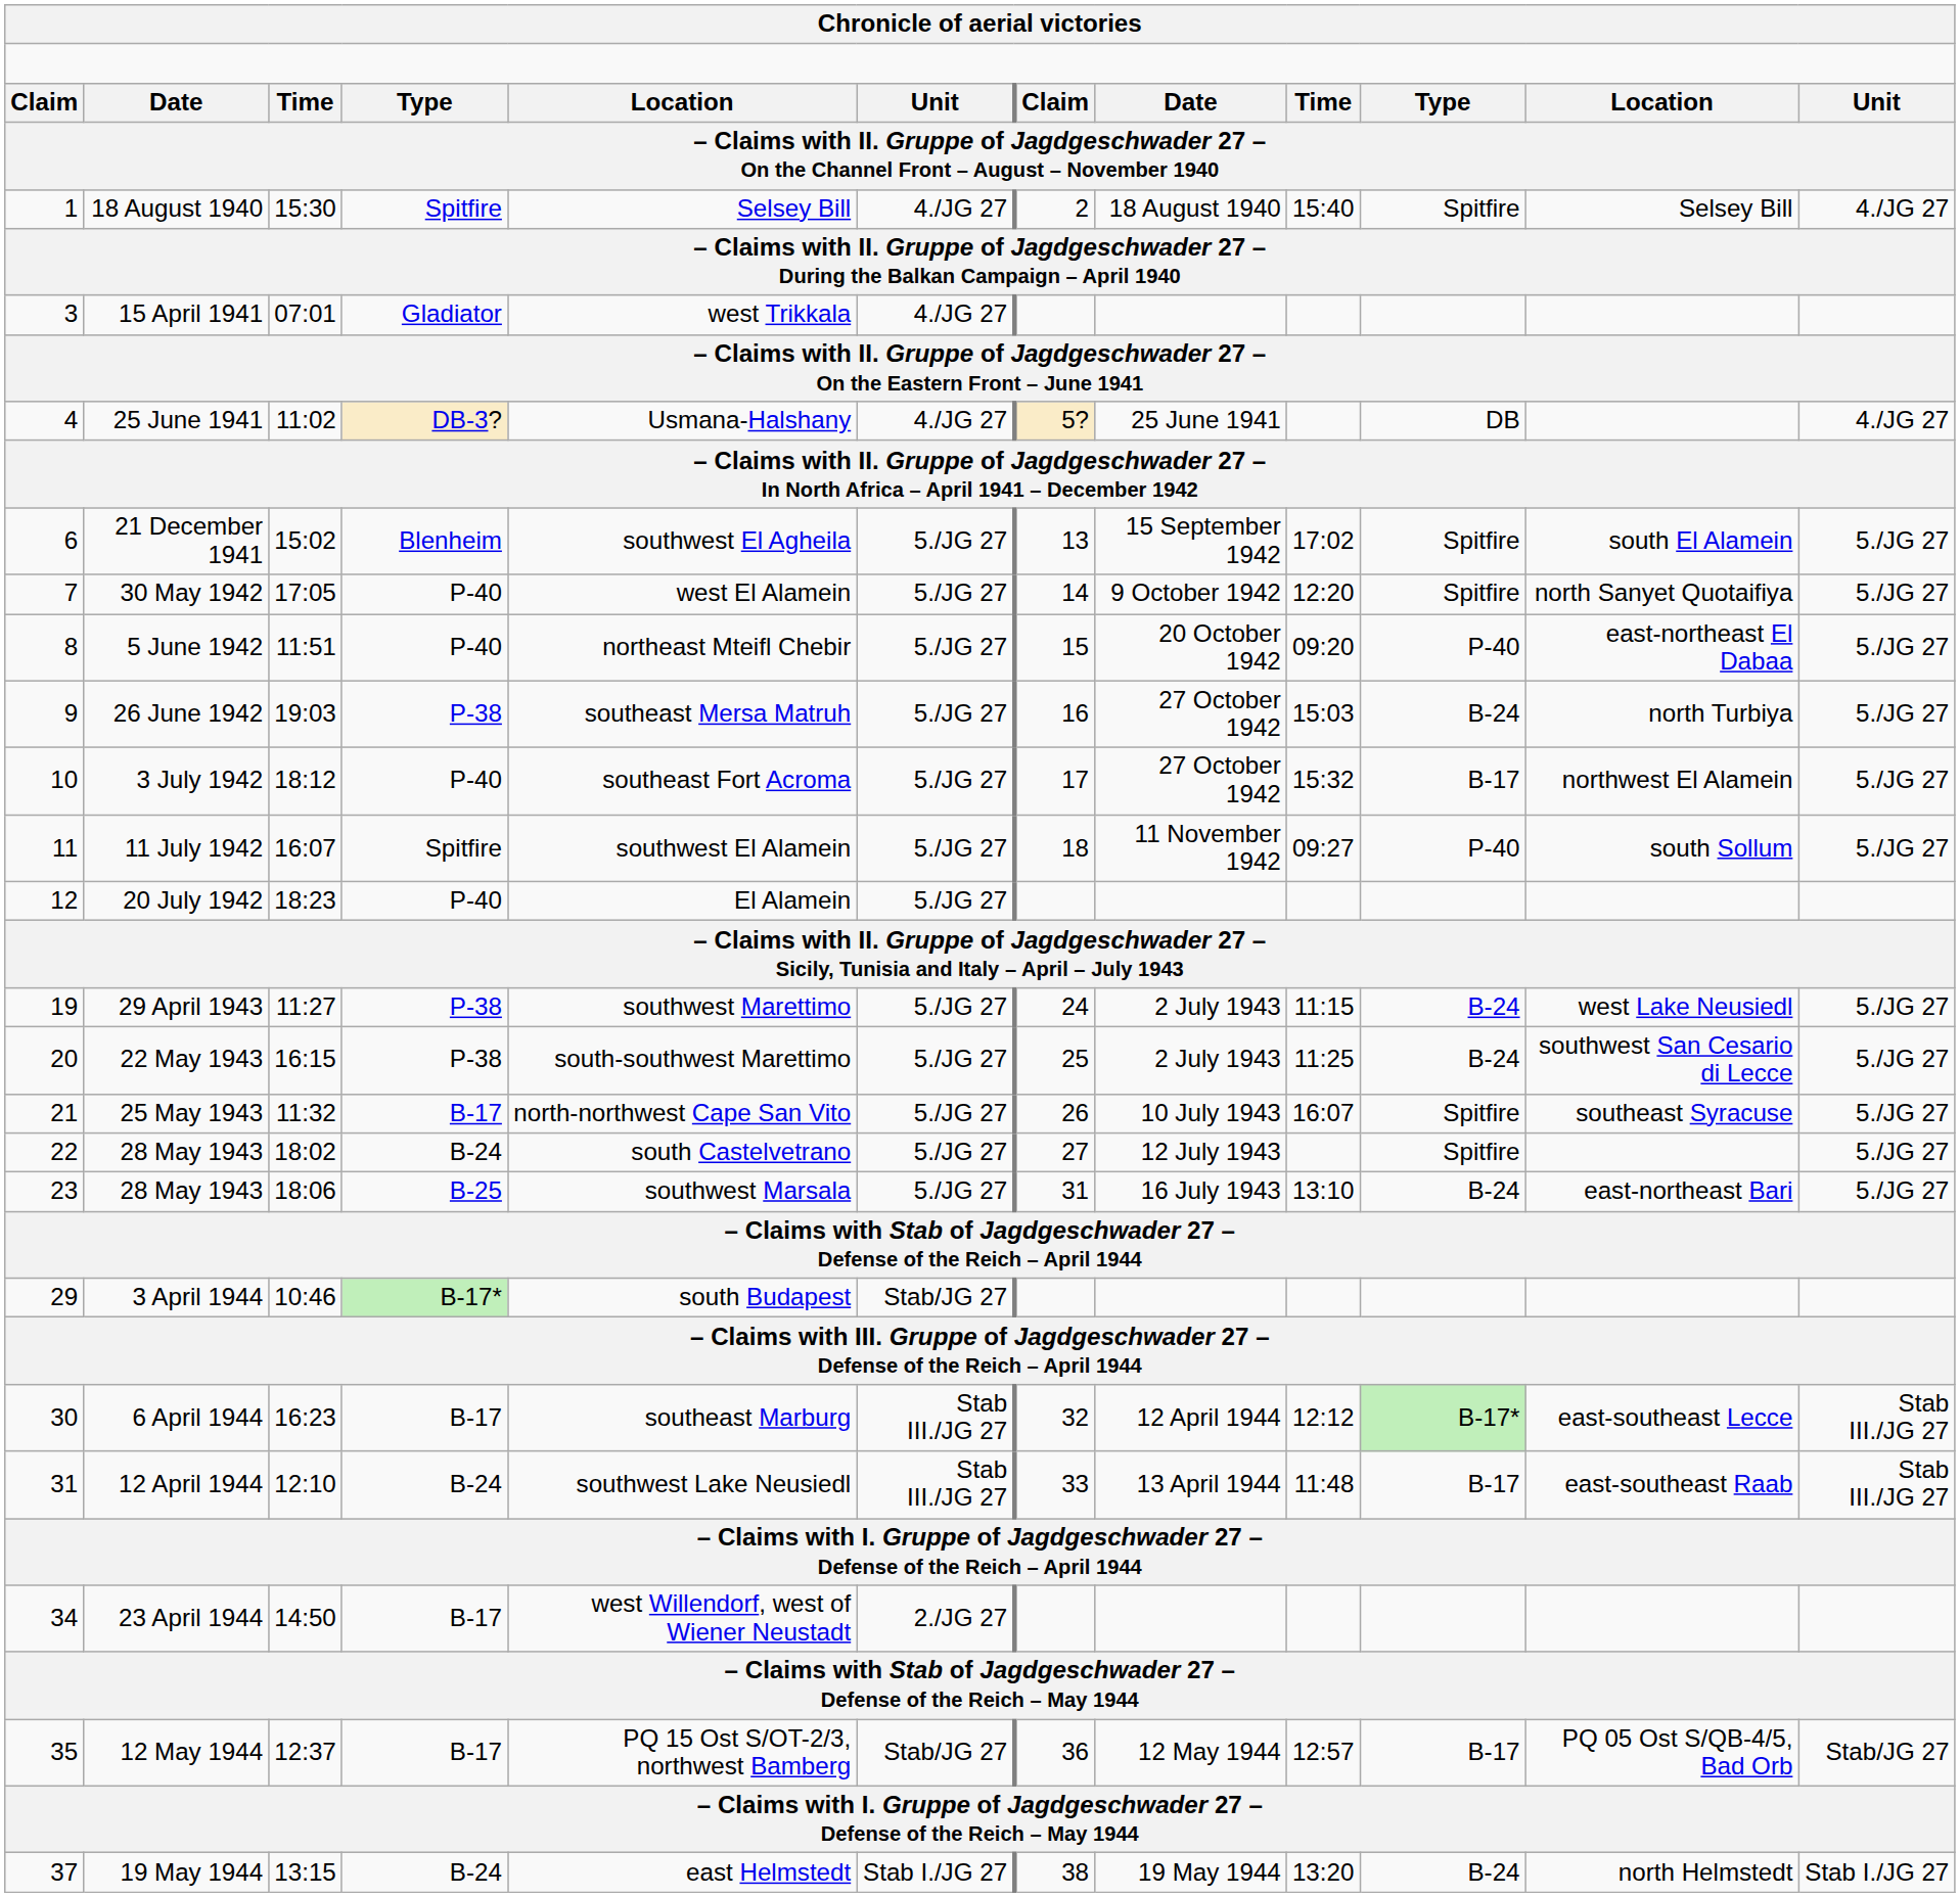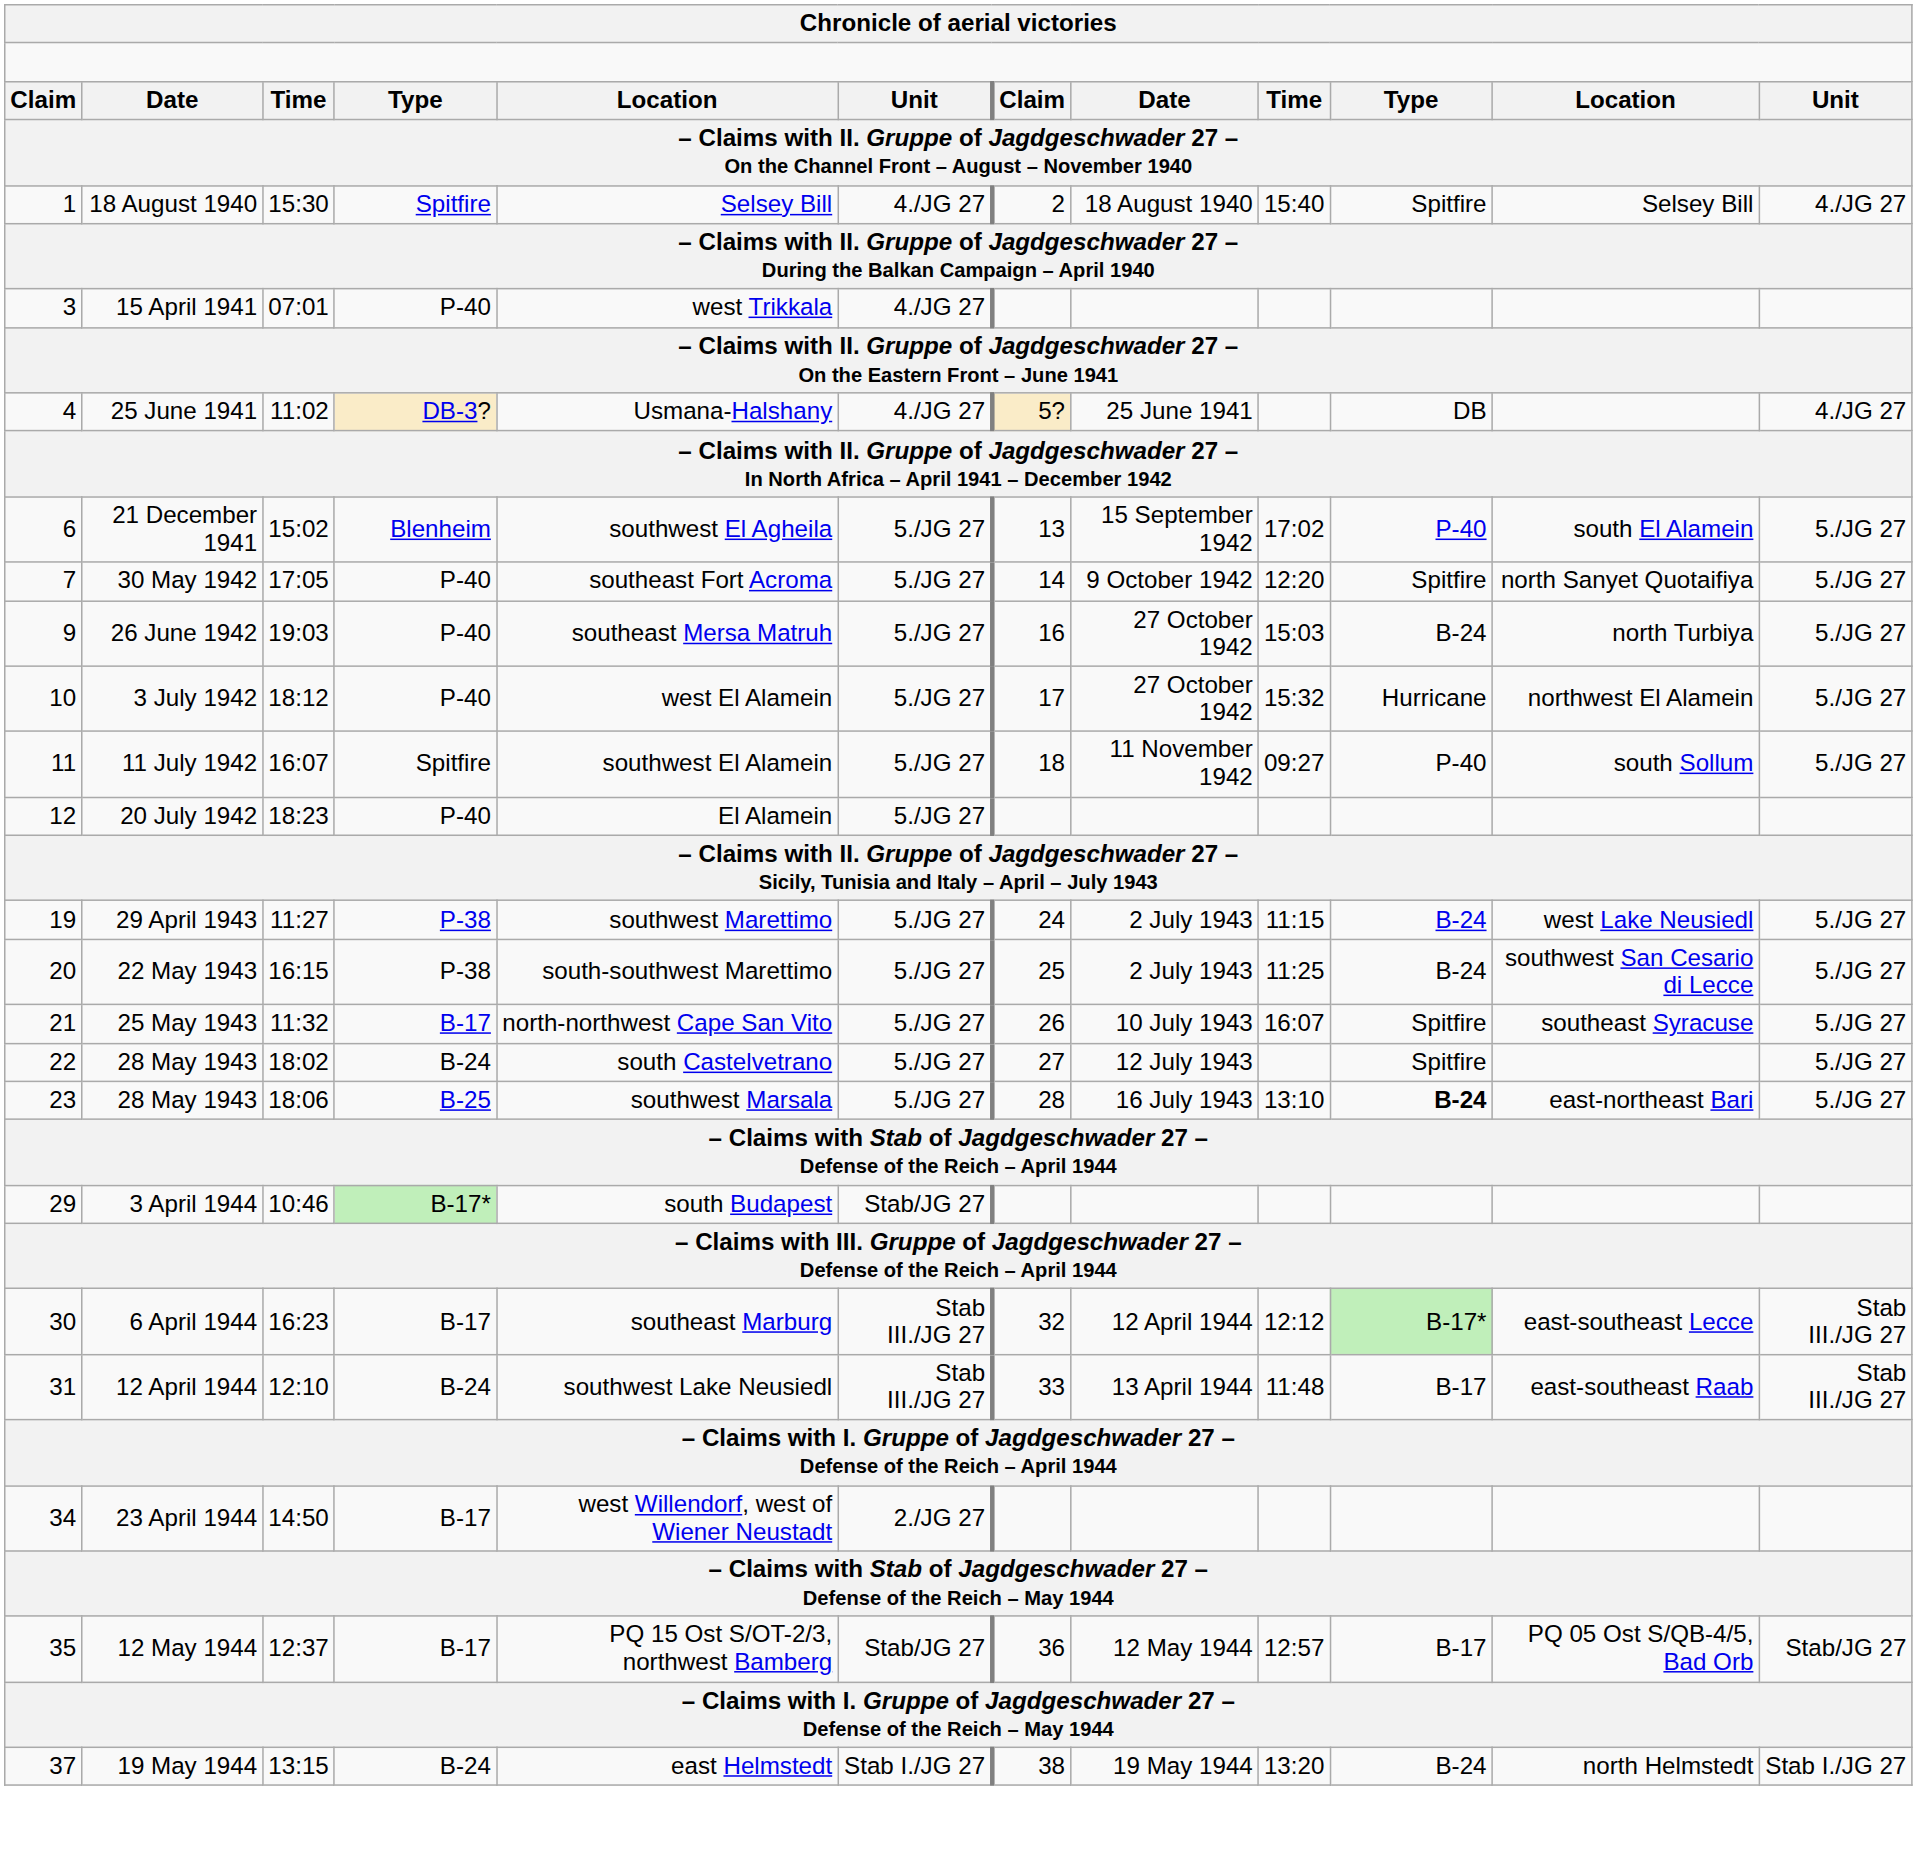 <table class="wikitable plainrowheaders collapsible" style="margin-left: auto; margin-right: auto; border: none; text-align:right; width: 100%;">
 <tr>
 <th colspan="12">Chronicle of aerial victories</th>
 </tr>
 <tr>
 <td colspan="12" style="text-align: left;"><br> </td>
 </tr>
 <tr>
 <th scope="col">Claim</th>
 <th scope="col">Date</th>
 <th scope="col">Time</th>
 <th scope="col" width="100px">Type</th>
 <th scope="col">Location</th>
 <th scope="col">Unit</th>
 <th scope="col" style="border-left: 3px solid grey;">Claim</th>
 <th scope="col">Date</th>
 <th scope="col">Time</th>
 <th scope="col" width="100px">Type</th>
 <th scope="col">Location</th>
 <th scope="col">Unit</th>
 </tr>
 <tr>
 <th colspan="12">– Claims with II. <em>Gruppe</em> of <em>Jagdgeschwader</em> 27 –<br><small>On the Channel Front – August – November 1940</small></th>
 </tr>
 <tr>
 <td>1</td>
 <td>18 August 1940</td>
 <td>15:30</td>
 <td><a href='#'>Spitfire</a></td>
 <td><a href='#'>Selsey Bill</a></td>
 <td>4./JG 27</td>
 <td style="border-left: 3px solid grey;">2</td>
 <td>18 August 1940</td>
 <td>15:40</td>
 <td>Spitfire</td>
 <td>Selsey Bill</td>
 <td>4./JG 27</td>
 </tr>
 <tr>
 <th colspan="12">– Claims with II. <em>Gruppe</em> of <em>Jagdgeschwader</em> 27 –<br><small>During the Balkan Campaign – April 1940</small></th>
 </tr>
 <tr>
 <td>3</td>
 <td>15 April 1941</td>
 <td>07:01</td>
-<td><a href='#'>Gladiator</a></td>
+<td>P-40</td>
 <td>west <a href='#'>Trikkala</a></td>
 <td>4./JG 27</td>
 <td style="border-left: 3px solid grey;"></td>
 <td></td>
 <td></td>
 <td></td>
 <td></td>
 <td></td>
 </tr>
 <tr>
 <th colspan="12">– Claims with II. <em>Gruppe</em> of <em>Jagdgeschwader</em> 27 –<br><small>On the Eastern Front – June 1941</small></th>
 </tr>
 <tr>
 <td>4</td>
 <td>25 June 1941</td>
 <td>11:02</td>
 <td style="background:#faecc8"><a href='#'>DB-3</a>?</td>
 <td>Usmana-<a href='#'>Halshany</a></td>
 <td>4./JG 27</td>
 <td style="border-left: 3px solid grey; background:#faecc8">5?</td>
 <td>25 June 1941</td>
 <td></td>
 <td>DB</td>
 <td></td>
 <td>4./JG 27</td>
 </tr>
 <tr>
 <th colspan="12">– Claims with II. <em>Gruppe</em> of <em>Jagdgeschwader</em> 27 –<br><small>In North Africa – April 1941 – December 1942</small></th>
 </tr>
 <tr>
 <td>6</td>
 <td>21 December 1941</td>
 <td>15:02</td>
 <td><a href='#'>Blenheim</a></td>
 <td> southwest <a href='#'>El Agheila</a></td>
 <td>5./JG 27</td>
 <td style="border-left: 3px solid grey;">13</td>
 <td>15 September 1942</td>
 <td>17:02</td>
-<td>Spitfire</td>
+<td><a href='#'>P-40</a></td>
 <td>south <a href='#'>El Alamein</a></td>
 <td>5./JG 27</td>
 </tr>
 <tr>
 <td>7</td>
 <td>30 May 1942</td>
 <td>17:05</td>
 <td>P-40</td>
-<td>west El Alamein</td>
+<td>southeast Fort <a href='#'>Acroma</a></td>
 <td>5./JG 27</td>
 <td style="border-left: 3px solid grey;">14</td>
 <td>9 October 1942</td>
 <td>12:20</td>
 <td>Spitfire</td>
 <td>north Sanyet Quotaifiya</td>
 <td>5./JG 27</td>
 </tr>
 <tr>
-<td>8</td>
-<td>5 June 1942</td>
-<td>11:51</td>
-<td>P-40</td>
-<td> northeast Mteifl Chebir</td>
-<td>5./JG 27</td>
-<td style="border-left: 3px solid grey;">15</td>
-<td>20 October 1942</td>
-<td>09:20</td>
-<td>P-40</td>
-<td>east-northeast <a href='#'>El Dabaa</a></td>
-<td>5./JG 27</td>
-</tr>
-<tr>
 <td>9</td>
 <td>26 June 1942</td>
 <td>19:03</td>
-<td><a href='#'>P-38</a></td>
+<td>P-40</td>
 <td>southeast <a href='#'>Mersa Matruh</a></td>
 <td>5./JG 27</td>
 <td style="border-left: 3px solid grey;">16</td>
 <td>27 October 1942</td>
 <td>15:03</td>
 <td>B-24</td>
 <td>north Turbiya</td>
 <td>5./JG 27</td>
 </tr>
 <tr>
 <td>10</td>
 <td>3 July 1942</td>
 <td>18:12</td>
 <td>P-40</td>
-<td>southeast Fort <a href='#'>Acroma</a></td>
+<td>west El Alamein</td>
 <td>5./JG 27</td>
 <td style="border-left: 3px solid grey;">17</td>
 <td>27 October 1942</td>
 <td>15:32</td>
-<td>B-17</td>
+<td>Hurricane</td>
 <td>northwest El Alamein</td>
 <td>5./JG 27</td>
 </tr>
 <tr>
 <td>11</td>
 <td>11 July 1942</td>
 <td>16:07</td>
 <td>Spitfire</td>
 <td>southwest El Alamein</td>
 <td>5./JG 27</td>
 <td style="border-left: 3px solid grey;">18</td>
 <td>11 November 1942</td>
 <td>09:27</td>
 <td>P-40</td>
 <td>south <a href='#'>Sollum</a></td>
 <td>5./JG 27</td>
 </tr>
 <tr>
 <td>12</td>
 <td>20 July 1942</td>
 <td>18:23</td>
 <td>P-40</td>
 <td>El Alamein</td>
 <td>5./JG 27</td>
 <td style="border-left: 3px solid grey;"></td>
 <td></td>
 <td></td>
 <td></td>
 <td></td>
 <td></td>
 </tr>
 <tr>
 <th colspan="12">– Claims with II. <em>Gruppe</em> of <em>Jagdgeschwader</em> 27 –<br><small>Sicily, Tunisia and Italy – April – July 1943</small></th>
 </tr>
 <tr>
 <td>19</td>
 <td>29 April 1943</td>
 <td>11:27</td>
 <td><a href='#'>P-38</a></td>
 <td> southwest <a href='#'>Marettimo</a></td>
 <td>5./JG 27</td>
 <td style="border-left: 3px solid grey;">24</td>
 <td>2 July 1943</td>
 <td>11:15</td>
 <td><a href='#'>B-24</a></td>
 <td>west <a href='#'>Lake Neusiedl</a></td>
 <td>5./JG 27</td>
 </tr>
 <tr>
 <td>20</td>
 <td>22 May 1943</td>
 <td>16:15</td>
 <td>P-38</td>
 <td>south-southwest Marettimo</td>
 <td>5./JG 27</td>
 <td style="border-left: 3px solid grey;">25</td>
 <td>2 July 1943</td>
 <td>11:25</td>
 <td>B-24</td>
 <td> southwest <a href='#'>San Cesario di Lecce</a></td>
 <td>5./JG 27</td>
 </tr>
 <tr>
 <td>21</td>
 <td>25 May 1943</td>
 <td>11:32</td>
 <td><a href='#'>B-17</a></td>
 <td> north-northwest <a href='#'>Cape San Vito</a></td>
 <td>5./JG 27</td>
 <td style="border-left: 3px solid grey;">26</td>
 <td>10 July 1943</td>
 <td>16:07</td>
 <td>Spitfire</td>
 <td> southeast <a href='#'>Syracuse</a></td>
 <td>5./JG 27</td>
 </tr>
 <tr>
 <td>22</td>
 <td>28 May 1943</td>
 <td>18:02</td>
 <td>B-24</td>
 <td> south <a href='#'>Castelvetrano</a></td>
 <td>5./JG 27</td>
 <td style="border-left: 3px solid grey;">27</td>
 <td>12 July 1943</td>
 <td></td>
 <td>Spitfire</td>
 <td></td>
 <td>5./JG 27</td>
 </tr>
 <tr>
 <td>23</td>
 <td>28 May 1943</td>
 <td>18:06</td>
 <td><a href='#'>B-25</a></td>
 <td> southwest <a href='#'>Marsala</a></td>
 <td>5./JG 27</td>
-<td style="border-left: 3px solid grey;">31</td>
+<td style="border-left: 3px solid grey;">28</td>
 <td>16 July 1943</td>
 <td>13:10</td>
-<td>B-24</td>
+<td><strong>B-24</strong></td>
 <td> east-northeast <a href='#'>Bari</a></td>
 <td>5./JG 27</td>
 </tr>
 <tr>
 <th colspan="12">– Claims with <em>Stab</em> of <em>Jagdgeschwader</em> 27 –<br><small>Defense of the Reich – April 1944</small></th>
 </tr>
 <tr>
 <td>29</td>
 <td>3 April 1944</td>
 <td>10:46</td>
 <td style="background:#C0EFBA">B-17*</td>
 <td> south <a href='#'>Budapest</a></td>
 <td>Stab/JG 27</td>
 <td style="border-left: 3px solid grey;"></td>
 <td></td>
 <td></td>
 <td></td>
 <td></td>
 <td></td>
 </tr>
 <tr>
 <th colspan="12">– Claims with III. <em>Gruppe</em> of <em>Jagdgeschwader</em> 27 –<br><small>Defense of the Reich – April 1944</small></th>
 </tr>
 <tr>
 <td>30</td>
 <td>6 April 1944</td>
 <td>16:23</td>
 <td>B-17</td>
 <td> southeast <a href='#'>Marburg</a></td>
 <td>Stab III./JG 27</td>
 <td style="border-left: 3px solid grey;">32</td>
 <td>12 April 1944</td>
 <td>12:12</td>
 <td style="background:#C0EFBA">B-17*</td>
 <td> east-southeast <a href='#'>Lecce</a></td>
 <td>Stab III./JG 27</td>
 </tr>
 <tr>
 <td>31</td>
 <td>12 April 1944</td>
 <td>12:10</td>
 <td>B-24</td>
 <td>southwest Lake Neusiedl</td>
 <td>Stab III./JG 27</td>
 <td style="border-left: 3px solid grey;">33</td>
 <td>13 April 1944</td>
 <td>11:48</td>
 <td>B-17</td>
 <td> east-southeast <a href='#'>Raab</a></td>
 <td>Stab III./JG 27</td>
 </tr>
 <tr>
 <th colspan="12">– Claims with I. <em>Gruppe</em> of <em>Jagdgeschwader</em> 27 –<br><small>Defense of the Reich – April 1944</small></th>
 </tr>
 <tr>
 <td>34</td>
 <td>23 April 1944</td>
 <td>14:50</td>
 <td>B-17</td>
 <td>west <a href='#'>Willendorf</a>, west of <a href='#'>Wiener Neustadt</a></td>
 <td>2./JG 27</td>
 <td style="border-left: 3px solid grey;"></td>
 <td></td>
 <td></td>
 <td></td>
 <td></td>
 <td></td>
 </tr>
 <tr>
 <th colspan="12">– Claims with <em>Stab</em> of <em>Jagdgeschwader</em> 27 –<br><small>Defense of the Reich – May 1944</small></th>
 </tr>
 <tr>
 <td>35</td>
 <td>12 May 1944</td>
 <td>12:37</td>
 <td>B-17</td>
 <td>PQ 15 Ost S/OT-2/3, northwest <a href='#'>Bamberg</a></td>
 <td>Stab/JG 27</td>
 <td style="border-left: 3px solid grey;">36</td>
 <td>12 May 1944</td>
 <td>12:57</td>
 <td>B-17</td>
 <td>PQ 05 Ost S/QB-4/5, <a href='#'>Bad Orb</a></td>
 <td>Stab/JG 27</td>
 </tr>
 <tr>
 <th colspan="12">– Claims with I. <em>Gruppe</em> of <em>Jagdgeschwader</em> 27 –<br><small>Defense of the Reich – May 1944</small></th>
 </tr>
 <tr>
 <td>37</td>
 <td>19 May 1944</td>
 <td>13:15</td>
 <td>B-24</td>
 <td> east <a href='#'>Helmstedt</a></td>
 <td>Stab I./JG 27</td>
 <td style="border-left: 3px solid grey;">38</td>
 <td>19 May 1944</td>
 <td>13:20</td>
 <td>B-24</td>
 <td>north Helmstedt</td>
 <td>Stab I./JG 27</td>
 </tr>
 </table>
